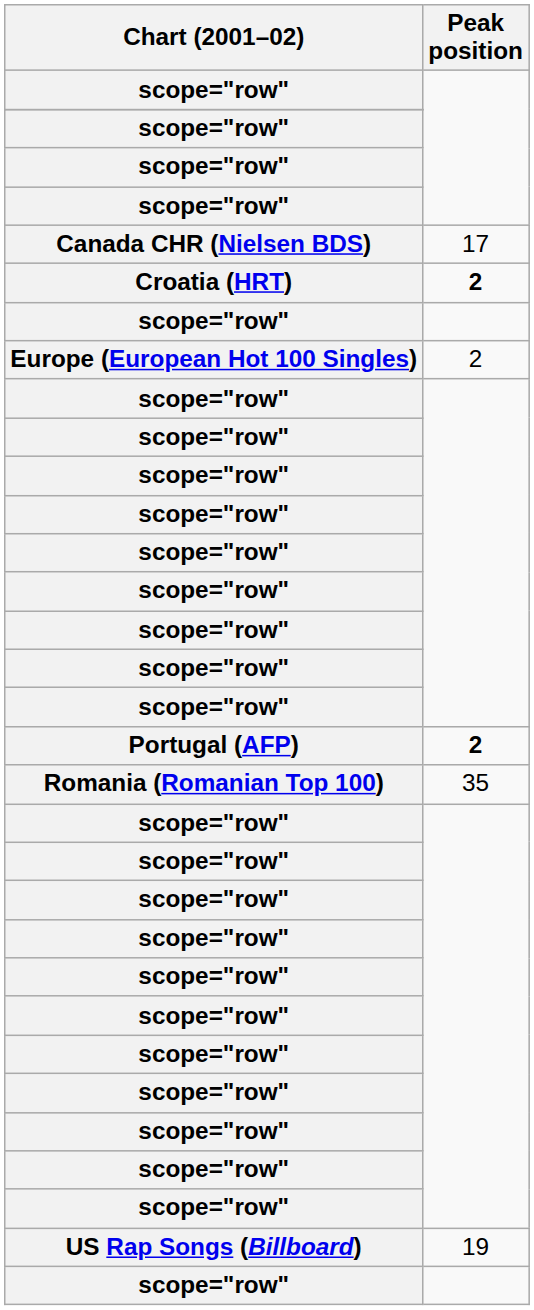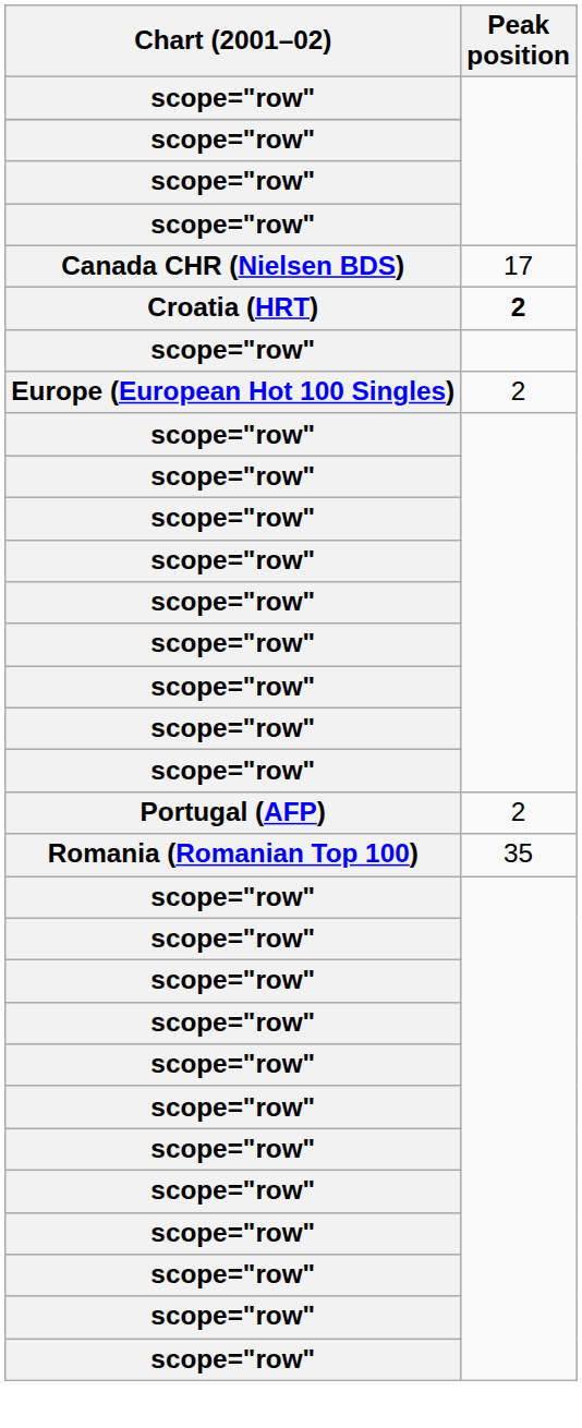 <table class="wikitable sortable plainrowheaders" style="text-align:center;">
 <tr>
 <th scope="col">Chart (2001–02)</th>
 <th scope="col">Peak<br>position</th>
 </tr>
 <tr>
 <th>scope="row"</th>
 </tr>
 <tr>
 </tr>
 <tr>
 <th>scope="row"</th>
 </tr>
 <tr>
 <th>scope="row"</th>
 </tr>
 <tr>
 <th>scope="row"</th>
 </tr>
 <tr>
 <th scope="row">Canada CHR (<a href='#'>Nielsen BDS</a>)</th>
 <td>17</td>
 </tr>
 <tr>
 <th scope="row">Croatia (<a href='#'>HRT</a>)</th>
 <td align="center"><strong>2</strong></td>
 </tr>
 <tr>
 <th>scope="row"</th>
 </tr>
 <tr>
 <th scope="row">Europe (<a href='#'>European Hot 100 Singles</a>)</th>
 <td align="center">2</td>
 </tr>
 <tr>
 <th>scope="row"</th>
 </tr>
 <tr>
 <th>scope="row"</th>
 </tr>
 <tr>
 <th>scope="row"</th>
 </tr>
 <tr>
 <th>scope="row"</th>
 </tr>
 <tr>
 <th>scope="row"</th>
 </tr>
 <tr>
 <th>scope="row"</th>
 </tr>
 <tr>
 <th>scope="row"</th>
 </tr>
 <tr>
 <th>scope="row"</th>
 </tr>
 <tr>
 <th>scope="row"</th>
 </tr>
 <tr>
 <th scope="row">Portugal (<a href='#'>AFP</a>)</th>
-<td align="center"><strong>2</strong></td>
+<td align="center">2</td>
 </tr>
 <tr>
 <th scope="row">Romania (<a href='#'>Romanian Top 100</a>)</th>
 <td>35</td>
 </tr>
 <tr>
 <th>scope="row"</th>
 </tr>
 <tr>
 <th>scope="row"</th>
 </tr>
 <tr>
 <th>scope="row"</th>
 </tr>
 <tr>
 <th>scope="row"</th>
 </tr>
 <tr>
 <th>scope="row"</th>
 </tr>
 <tr>
 <th>scope="row"</th>
 </tr>
 <tr>
 <th>scope="row"</th>
 </tr>
 <tr>
 <th>scope="row"</th>
 </tr>
 <tr>
 <th>scope="row"</th>
 </tr>
 <tr>
 <th>scope="row"</th>
 </tr>
 <tr>
 <th>scope="row"</th>
 </tr>
 <tr>
-<th scope="row">US <a href='#'>Rap Songs</a> (<em><a href='#'>Billboard</a></em>)</th>
-<td>19</td>
-</tr>
-<tr>
 <th>scope="row"</th>
 </tr>
 </table>
